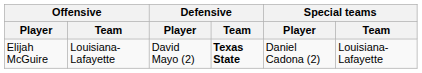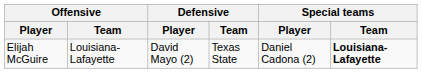 <table class="wikitable">
 <tr>
 <th colspan="2">Offensive</th>
 <th colspan="2">Defensive</th>
 <th colspan="2">Special teams</th>
 </tr>
 <tr>
 <th>Player</th>
 <th>Team</th>
 <th>Player</th>
 <th>Team</th>
 <th>Player</th>
 <th>Team</th>
 </tr>
 <tr>
 <td>Elijah McGuire</td>
 <td>Louisiana-Lafayette</td>
 <td>David Mayo (2)</td>
-<td><strong>Texas State</strong></td>
+<td>Texas State</td>
 <td>Daniel Cadona (2)</td>
-<td>Louisiana-Lafayette</td>
+<td><strong>Louisiana-Lafayette</strong></td>
 </tr>
 </table>
